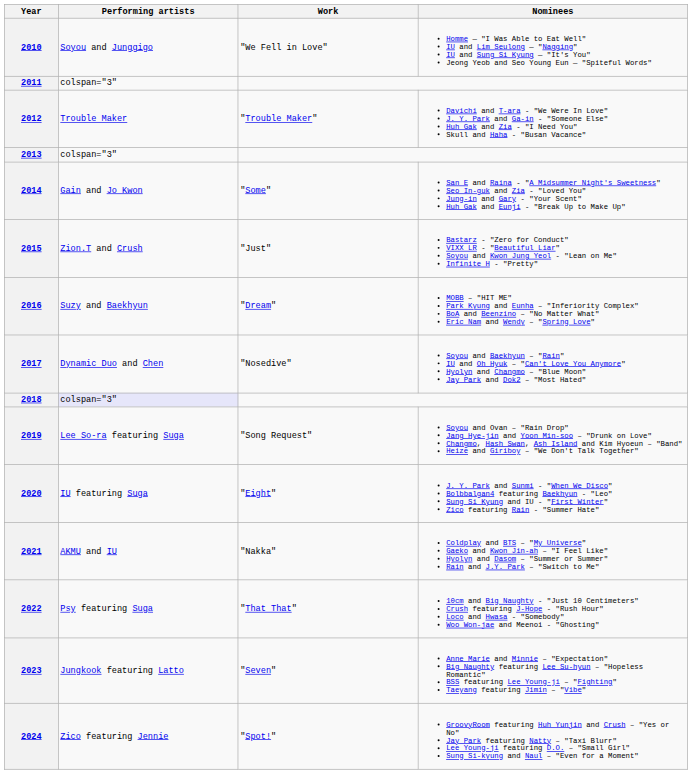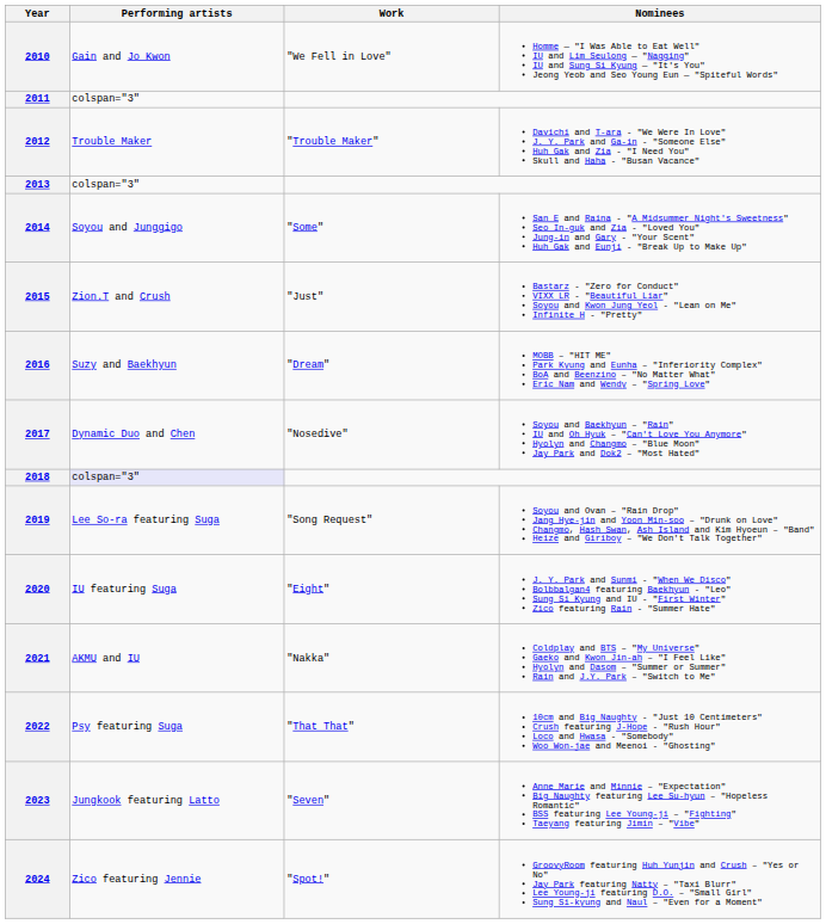 <table class="wikitable plainrowheaders" style="width:82%">
 <tr>
 <th scope="col" width="6%">Year</th>
 <th scope="col" width="20%">Performing artists</th>
 <th scope="col" width="20%">Work</th>
 <th scope="col" class="unsortable" width="30%">Nominees</th>
 </tr>
 <tr>
 <th scope="row" style="text-align:center"><a href='#'>2010</a></th>
-<td><a href='#'>Soyou</a> and <a href='#'>Junggigo</a></td>
+<td><a href='#'>Gain</a> and <a href='#'>Jo Kwon</a></td>
 <td>"We Fell in Love"</td>
 <td style="font-size: 85%;"><br><ul><li><a href='#'>Homme</a> — "I Was Able to Eat Well"</li><li><a href='#'>IU</a> and <a href='#'>Lim Seulong</a> — "<a href='#'>Nagging</a>"</li><li><a href='#'>IU</a> and <a href='#'>Sung Si Kyung</a> — "It's You"</li><li>Jeong Yeob and Seo Young Eun — "Spiteful Words"</li></ul></td>
 </tr>
 <tr>
 <th scope="row" style="text-align:center"><a href='#'>2011</a></th>
 <td>colspan="3" </td>
 </tr>
 <tr>
 <th scope="row" style="text-align:center"><a href='#'>2012</a></th>
 <td><a href='#'>Trouble Maker</a></td>
 <td>"<a href='#'>Trouble Maker</a>"</td>
 <td style="font-size: 85%;"><br><ul><li><a href='#'>Davichi</a> and <a href='#'>T-ara</a> - "We Were In Love"</li><li><a href='#'>J. Y. Park</a> and <a href='#'>Ga-in</a> - "Someone Else"</li><li><a href='#'>Huh Gak</a> and <a href='#'>Zia</a> - "I Need You"</li><li>Skull and <a href='#'>Haha</a> - "Busan Vacance"</li></ul></td>
 </tr>
 <tr>
 <th scope="row" style="text-align:center"><a href='#'>2013</a></th>
 <td>colspan="3" </td>
 </tr>
 <tr>
 <th scope="row" style="text-align:center"><a href='#'>2014</a></th>
-<td><a href='#'>Gain</a> and <a href='#'>Jo Kwon</a></td>
+<td><a href='#'>Soyou</a> and <a href='#'>Junggigo</a></td>
 <td>"<a href='#'>Some</a>"</td>
 <td style="font-size: 85%;"><br><ul><li><a href='#'>San E</a> and <a href='#'>Raina</a> - "<a href='#'>A Midsummer Night's Sweetness</a>"</li><li><a href='#'>Seo In-guk</a> and <a href='#'>Zia</a> - "Loved You"</li><li><a href='#'>Jung-in</a> and <a href='#'>Gary</a> - "Your Scent"</li><li><a href='#'>Huh Gak</a> and <a href='#'>Eunji</a> - "Break Up to Make Up"</li></ul></td>
 </tr>
 <tr>
 <th scope="row" style="text-align:center"><a href='#'>2015</a></th>
 <td><a href='#'>Zion.T</a> and <a href='#'>Crush</a></td>
 <td>"Just"</td>
 <td style="font-size: 85%;"><br><ul><li><a href='#'>Bastarz</a> - "Zero for Conduct"</li><li><a href='#'>VIXX LR</a> - "<a href='#'>Beautiful Liar</a>"</li><li><a href='#'>Soyou</a> and <a href='#'>Kwon Jung Yeol</a> - "Lean on Me"</li><li><a href='#'>Infinite H</a> - "Pretty"</li></ul></td>
 </tr>
 <tr>
 <th scope="row" style="text-align:center"><a href='#'>2016</a></th>
 <td><a href='#'>Suzy</a> and <a href='#'>Baekhyun</a></td>
 <td>"<a href='#'>Dream</a>"</td>
 <td style="font-size: 85%;"><br><ul><li><a href='#'>MOBB</a> – "HIT ME"</li><li><a href='#'>Park Kyung</a> and <a href='#'>Eunha</a> – "Inferiority Complex"</li><li><a href='#'>BoA</a> and <a href='#'>Beenzino</a> – "No Matter What"</li><li><a href='#'>Eric Nam</a> and <a href='#'>Wendy</a> – "<a href='#'>Spring Love</a>"</li></ul></td>
 </tr>
 <tr>
 <th scope="row" style="text-align:center"><a href='#'>2017</a></th>
 <td><a href='#'>Dynamic Duo</a> and <a href='#'>Chen</a></td>
 <td>"Nosedive"</td>
 <td style="font-size: 85%;"><br><ul><li><a href='#'>Soyou</a> and <a href='#'>Baekhyun</a> – "<a href='#'>Rain</a>"</li><li><a href='#'>IU</a> and <a href='#'>Oh Hyuk</a> – "<a href='#'>Can't Love You Anymore</a>"</li><li><a href='#'>Hyolyn</a> and <a href='#'>Changmo</a> – "Blue Moon"</li><li><a href='#'>Jay Park</a> and <a href='#'>Dok2</a> – "Most Hated"</li></ul></td>
 </tr>
 <tr>
 <th scope="row" style="text-align:center"><a href='#'>2018</a></th>
 <td style="background: lavender;">colspan="3" </td>
 </tr>
 <tr>
 <th scope="row" style="text-align:center"><a href='#'>2019</a></th>
 <td><a href='#'>Lee So-ra</a> featuring <a href='#'>Suga</a></td>
 <td>"Song Request"</td>
 <td style="font-size: 85%;"><br><ul><li><a href='#'>Soyou</a> and Ovan – "Rain Drop"</li><li><a href='#'>Jang Hye-jin</a> and <a href='#'>Yoon Min-soo</a> – "Drunk on Love"</li><li><a href='#'>Changmo</a>, <a href='#'>Hash Swan</a>, <a href='#'>Ash Island</a> and Kim Hyoeun – "Band"</li><li><a href='#'>Heize</a> and <a href='#'>Giriboy</a> – "We Don't Talk Together"</li></ul></td>
 </tr>
 <tr>
 <th scope="row" style="text-align:center"><a href='#'>2020</a></th>
 <td><a href='#'>IU</a> featuring <a href='#'>Suga</a></td>
 <td>"<a href='#'>Eight</a>"</td>
 <td style="font-size: 85%;"><br><ul><li><a href='#'>J. Y. Park</a> and <a href='#'>Sunmi</a> - "<a href='#'>When We Disco</a>"</li><li><a href='#'>Bolbbalgan4</a> featuring <a href='#'>Baekhyun</a> - "Leo"</li><li><a href='#'>Sung Si Kyung</a> and IU - "<a href='#'>First Winter</a>"</li><li><a href='#'>Zico</a> featuring <a href='#'>Rain</a> - "Summer Hate"</li></ul></td>
 </tr>
 <tr>
 <th scope="row" style="text-align:center"><a href='#'>2021</a></th>
 <td><a href='#'>AKMU</a> and <a href='#'>IU</a></td>
 <td>"Nakka"</td>
 <td style="font-size: 85%;"><br><ul><li><a href='#'>Coldplay</a> and <a href='#'>BTS</a> – "<a href='#'>My Universe</a>"</li><li><a href='#'>Gaeko</a> and <a href='#'>Kwon Jin-ah</a> – "I Feel Like"</li><li><a href='#'>Hyolyn</a> and <a href='#'>Dasom</a> – "Summer or Summer"</li><li><a href='#'>Rain</a> and <a href='#'>J.Y. Park</a> – "Switch to Me"</li></ul></td>
 </tr>
 <tr>
 <th scope="row" style="text-align:center"><a href='#'>2022</a></th>
 <td><a href='#'>Psy</a> featuring <a href='#'>Suga</a></td>
 <td>"<a href='#'>That That</a>"</td>
 <td style="font-size: 85%;"><br><ul><li><a href='#'>10cm</a> and <a href='#'>Big Naughty</a> - "Just 10 Centimeters"</li><li><a href='#'>Crush</a> featuring <a href='#'>J-Hope</a> - "Rush Hour"</li><li><a href='#'>Loco</a> and <a href='#'>Hwasa</a> - "Somebody"</li><li><a href='#'>Woo Won-jae</a> and Meenoi - "Ghosting"</li></ul></td>
 </tr>
 <tr>
 <th scope="row" style="text-align:center"><a href='#'>2023</a></th>
 <td><a href='#'>Jungkook</a> featuring <a href='#'>Latto</a></td>
 <td>"<a href='#'>Seven</a>"</td>
 <td style="font-size: 85%;"><br><ul><li><a href='#'>Anne Marie</a> and <a href='#'>Minnie</a> – "Expectation"</li><li><a href='#'>Big Naughty</a> featuring <a href='#'>Lee Su-hyun</a> – "Hopeless Romantic"</li><li><a href='#'>BSS</a> featuring <a href='#'>Lee Young-ji</a> – "<a href='#'>Fighting</a>"</li><li><a href='#'>Taeyang</a> featuring <a href='#'>Jimin</a> – "<a href='#'>Vibe</a>"</li></ul></td>
 </tr>
 <tr>
 <th scope="row" style="text-align:center"><a href='#'>2024</a></th>
 <td><a href='#'>Zico</a> featuring <a href='#'>Jennie</a></td>
 <td>"<a href='#'>Spot!</a>"</td>
 <td style="font-size: 85%;"><br><ul><li><a href='#'>GroovyRoom</a> featuring <a href='#'>Huh Yunjin</a> and <a href='#'>Crush</a> – "Yes or No"</li><li><a href='#'>Jay Park</a> featuring <a href='#'>Natty</a> – "Taxi Blurr"</li><li><a href='#'>Lee Young-ji</a> featuring <a href='#'>D.O.</a> – "Small Girl"</li><li><a href='#'>Sung Si-kyung</a> and <a href='#'>Naul</a> – "Even for a Moment"</li></ul></td>
 </tr>
 </table>
